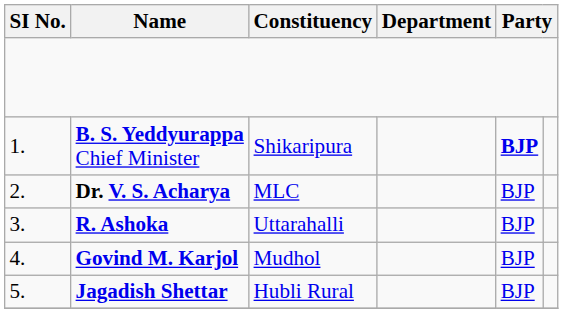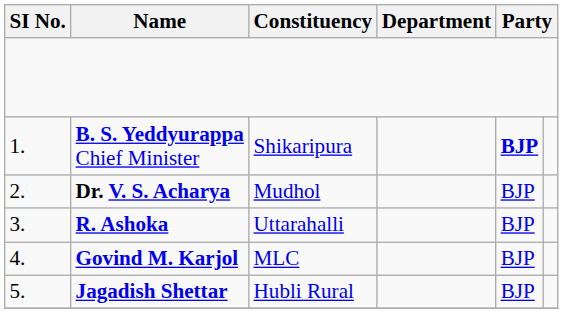 <table class="wikitable sortable">
 <tr>
 <th>SI No.</th>
 <th>Name</th>
 <th>Constituency</th>
 <th>Department</th>
 <th colspan="2" scope="col">Party</th>
 </tr>
 <tr style="text-align:center; height:60px;">
 </tr>
 <tr>
 <td>1.</td>
 <td><strong><a href='#'>B. S. Yeddyurappa</a></strong><br><a href='#'>Chief Minister</a></td>
 <td><a href='#'>Shikaripura</a></td>
 <td></td>
 <td><strong><a href='#'>BJP</a></strong></td>
 <td width="4px"></td>
 </tr>
 <tr>
 <td>2.</td>
 <td><strong>Dr. <a href='#'>V. S. Acharya</a></strong></td>
-<td><a href='#'>MLC</a></td>
+<td><a href='#'>Mudhol</a></td>
 <td></td>
 <td><a href='#'>BJP</a></td>
 <td width="4px"></td>
 </tr>
 <tr>
 <td>3.</td>
 <td><strong><a href='#'>R. Ashoka</a></strong></td>
 <td><a href='#'>Uttarahalli</a></td>
 <td></td>
 <td><a href='#'>BJP</a></td>
 <td width="4px"></td>
 </tr>
 <tr>
 <td>4.</td>
 <td><strong><a href='#'>Govind M. Karjol</a></strong></td>
-<td><a href='#'>Mudhol</a></td>
+<td><a href='#'>MLC</a></td>
 <td></td>
 <td><a href='#'>BJP</a></td>
 <td width="4px"></td>
 </tr>
 <tr>
 <td>5.</td>
 <td><strong><a href='#'>Jagadish Shettar</a></strong></td>
 <td><a href='#'>Hubli Rural</a></td>
 <td></td>
 <td><a href='#'>BJP</a></td>
 <td width="4px"></td>
 </tr>
 <tr>
 </tr>
 </table>
